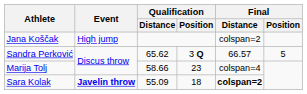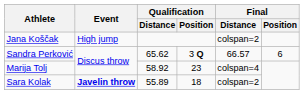 <table class=wikitable style=font-size:90%>
 <tr>
 <th rowspan=2>Athlete</th>
 <th rowspan=2>Event</th>
 <th colspan=2>Qualification</th>
 <th colspan=2>Final</th>
 </tr>
 <tr style=font-size:95%>
 <th>Distance</th>
 <th>Position</th>
 <th>Distance</th>
 <th>Position</th>
 </tr>
 <tr align=center>
 <td align=left><a href='#'>Jana Koščak</a></td>
 <td align=left><a href='#'>High jump</a></td>
 <td colspan=2></td>
 <td>colspan=2 </td>
 </tr>
 <tr align=center>
 <td align=left><a href='#'>Sandra Perković</a></td>
 <td align=left rowspan=2><a href='#'>Discus throw</a></td>
 <td>65.62 </td>
 <td>3 <strong>Q</strong></td>
 <td>66.57 </td>
-<td>5</td>
+<td>6</td>
 </tr>
 <tr align=center>
 <td align=left><a href='#'>Marija Tolj</a></td>
-<td>58.66</td>
+<td>58.92</td>
 <td>23</td>
 <td>colspan=4 </td>
 </tr>
 <tr align=center>
 <td align=left><a href='#'>Sara Kolak</a></td>
 <td align=left><strong><a href='#'>Javelin throw</a></strong></td>
-<td>55.09</td>
+<td>55.89</td>
 <td>18</td>
-<td><strong>colspan=2 </strong></td>
+<td>colspan=2 </td>
 </tr>
 </table>
